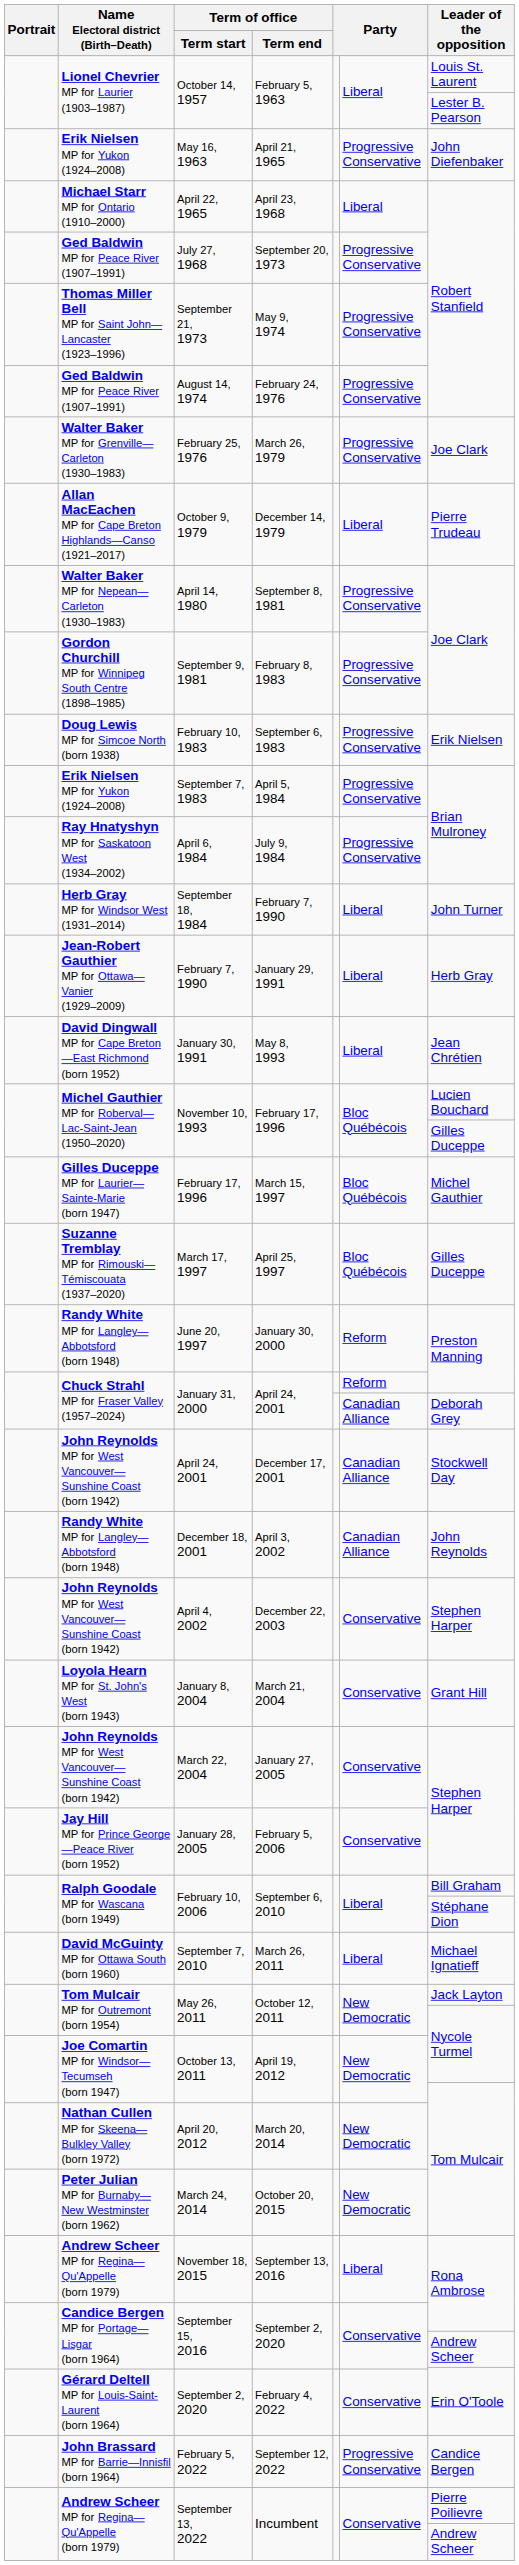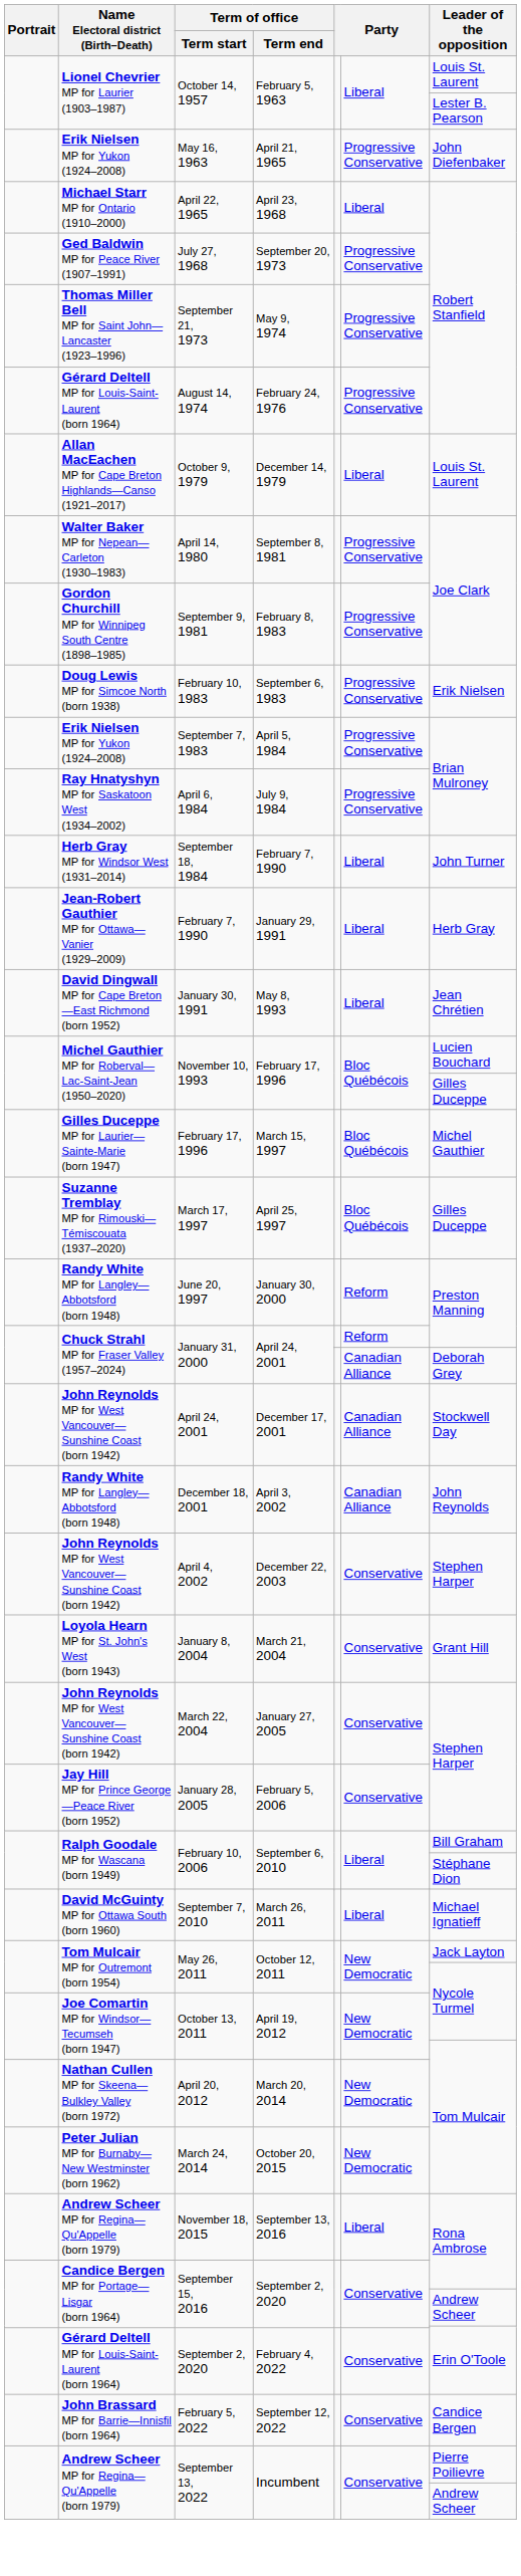 <table class="wikitable sortable sticky-header-multi" style=text-align:left" style="margin:1em auto;">
 <tr>
 <th rowspan="2" scope="col">Portrait</th>
 <th rowspan="2" scope="col" width="150px">Name<br><small>Electoral district<br>(Birth–Death)</small></th>
 <th colspan="2" scope="col">Term of office</th>
 <th colspan="2" rowspan="2">Party</th>
 <th rowspan="2" width="100px">Leader of the opposition</th>
 </tr>
 <tr>
 <th width="95px">Term start</th>
 <th width="95px">Term end</th>
 </tr>
 <tr>
 <td rowspan="2"></td>
 <td rowspan="2"><strong><a href='#'>Lionel Chevrier</a></strong><br><small>MP for</small> <small><a href='#'>Laurier</a></small><br><small>(1903–1987)</small></td>
 <td rowspan="2"><small>October 14,</small><br>1957</td>
 <td rowspan="2"><small>February 5,</small><br>1963</td>
 <td rowspan="2" style="width:1px; background:"></td>
 <td rowspan="2" style="width:100px; "><a href='#'>Liberal</a></td>
 <td><a href='#'>Louis St. Laurent</a></td>
 </tr>
 <tr>
 <td><a href='#'>Lester B. Pearson</a></td>
 </tr>
 <tr>
 <td></td>
 <td><strong><a href='#'>Erik Nielsen</a></strong><br><small>MP for</small> <small><a href='#'>Yukon</a></small><br><small>(1924–2008)</small></td>
 <td><small>May 16,</small><br>1963</td>
 <td><small>April 21,</small><br>1965</td>
 <td style="width:1px; background:"></td>
 <td><a href='#'>Progressive Conservative</a></td>
 <td><a href='#'>John Diefenbaker</a></td>
 </tr>
 <tr>
 <td></td>
 <td><a href='#'><strong>Michael Starr</strong></a><br><small>MP for</small> <small><a href='#'>Ontario</a></small><br><small>(1910–2000)</small></td>
 <td><small>April 22,</small><br>1965</td>
 <td><small>April 23,</small><br>1968</td>
 <td style="width:1px; background:"></td>
 <td><a href='#'>Liberal</a></td>
 <td rowspan="4"><a href='#'>Robert Stanfield</a></td>
 </tr>
 <tr>
 <td></td>
 <td><strong><a href='#'>Ged Baldwin</a></strong><br><small>MP for</small> <small><a href='#'>Peace River</a></small><br><small>(1907–1991)</small></td>
 <td><small>July 27,</small><br>1968</td>
 <td><small>September 20,</small><br>1973</td>
 <td style="width:1px; background:"></td>
 <td><a href='#'>Progressive Conservative</a></td>
 </tr>
 <tr>
 <td></td>
 <td><strong><a href='#'>Thomas Miller Bell</a></strong><br><small>MP for</small> <small><a href='#'>Saint John—Lancaster</a></small><br><small>(1923–1996)</small></td>
 <td><small>September 21,</small><br>1973</td>
 <td><small>May 9,</small><br>1974</td>
 <td style="width:1px; background:"></td>
 <td><a href='#'>Progressive Conservative</a></td>
 </tr>
 <tr>
 <td></td>
-<td><strong><a href='#'>Ged Baldwin</a></strong><br><small>MP for</small> <small><a href='#'>Peace River</a></small><br><small>(1907–1991)</small></td>
+<td><strong><a href='#'>Gérard Deltell</a></strong><br><small>MP for</small> <small><a href='#'>Louis-Saint-Laurent</a></small><br><small>(born 1964)</small></td>
 <td><small>August 14,</small><br>1974</td>
 <td><small>February 24,</small><br>1976</td>
 <td style="width:1px; background:"></td>
 <td><a href='#'>Progressive Conservative</a></td>
-</tr>
-<tr>
-<td></td>
-<td><a href='#'><strong>Walter Baker</strong></a><br><small>MP for</small> <small><a href='#'>Grenville—Carleton</a></small><br><small>(1930–1983)</small></td>
-<td><small>February 25,</small><br>1976</td>
-<td><small>March 26,</small><br>1979</td>
-<td style="width:1px; background:"></td>
-<td><a href='#'>Progressive Conservative</a></td>
-<td><a href='#'>Joe Clark</a></td>
 </tr>
 <tr>
 <td></td>
 <td><strong><a href='#'>Allan MacEachen</a></strong><br><small>MP for</small> <small><a href='#'>Cape Breton Highlands—Canso</a></small><br><small>(1921–2017)</small></td>
 <td><small>October 9,</small><br>1979</td>
 <td><small>December 14,</small><br>1979</td>
 <td style="width:1px; background:"></td>
 <td><a href='#'>Liberal</a></td>
-<td><a href='#'>Pierre Trudeau</a></td>
+<td><a href='#'>Louis St. Laurent</a></td>
 </tr>
 <tr>
 <td></td>
 <td><a href='#'><strong>Walter Baker</strong></a><br><small>MP for</small> <small><a href='#'>Nepean—Carleton</a></small><br><small>(1930–1983)</small></td>
 <td><small>April 14,</small><br>1980</td>
 <td><small>September 8,</small><br>1981</td>
 <td style="width:1px; background:"></td>
 <td><a href='#'>Progressive Conservative</a></td>
 <td rowspan="2"><a href='#'>Joe Clark</a></td>
 </tr>
 <tr>
 <td></td>
 <td><strong><a href='#'>Gordon Churchill</a></strong><br><small>MP for</small> <small><a href='#'>Winnipeg South Centre</a></small><br><small>(1898–1985)</small></td>
 <td><small>September 9,</small><br>1981</td>
 <td><small>February 8,</small><br>1983</td>
 <td style="width:1px; background:"></td>
 <td><a href='#'>Progressive Conservative</a></td>
 </tr>
 <tr>
 <td></td>
 <td><a href='#'><strong>Doug Lewis</strong></a><br><small>MP for</small> <small><a href='#'>Simcoe North</a></small><br><small>(born 1938)</small></td>
 <td><small>February 10,</small><br>1983</td>
 <td><small>September 6,</small><br>1983</td>
 <td style="width:1px; background:"></td>
 <td><a href='#'>Progressive Conservative</a></td>
 <td><a href='#'>Erik Nielsen</a></td>
 </tr>
 <tr>
 <td></td>
 <td><strong><a href='#'>Erik Nielsen</a></strong><br><small>MP for</small> <small><a href='#'>Yukon</a></small><br><small>(1924–2008)</small></td>
 <td><small>September 7,</small><br>1983</td>
 <td><small>April 5,</small><br>1984</td>
 <td style="width:1px; background:"></td>
 <td><a href='#'>Progressive Conservative</a></td>
 <td rowspan="2"><a href='#'>Brian Mulroney</a></td>
 </tr>
 <tr>
 <td></td>
 <td><strong><a href='#'>Ray Hnatyshyn</a></strong><br><small>MP for</small> <small><a href='#'>Saskatoon West</a></small><br><small>(1934–2002)</small></td>
 <td><small>April 6,</small><br>1984</td>
 <td><small>July 9,</small><br>1984</td>
 <td style="width:1px; background:"></td>
 <td><a href='#'>Progressive Conservative</a></td>
 </tr>
 <tr>
 <td></td>
 <td><strong><a href='#'>Herb Gray</a></strong><br><small>MP for</small> <small><a href='#'>Windsor West</a></small><br><small>(1931–2014)</small></td>
 <td><small>September 18,</small><br>1984</td>
 <td><small>February 7,</small><br>1990</td>
 <td style="width:1px; background:"></td>
 <td><a href='#'>Liberal</a></td>
 <td><a href='#'>John Turner</a></td>
 </tr>
 <tr>
 <td></td>
 <td><strong><a href='#'>Jean-Robert Gauthier</a></strong><br><small>MP for</small> <small><a href='#'>Ottawa—Vanier</a></small><br><small>(1929–2009)</small></td>
 <td><small>February 7,</small><br>1990</td>
 <td><small>January 29,</small><br>1991</td>
 <td style="width:1px; background:"></td>
 <td><a href='#'>Liberal</a></td>
 <td><a href='#'>Herb Gray</a></td>
 </tr>
 <tr>
 <td></td>
 <td><strong><a href='#'>David Dingwall</a></strong><br><small>MP for</small> <small><a href='#'>Cape Breton—East Richmond</a></small><br><small>(born 1952)</small></td>
 <td><small>January 30,</small><br>1991</td>
 <td><small>May 8,</small><br>1993</td>
 <td style="width:1px; background:"></td>
 <td><a href='#'>Liberal</a></td>
 <td><a href='#'>Jean Chrétien</a></td>
 </tr>
 <tr>
 <td rowspan="2"></td>
 <td rowspan="2"><strong><a href='#'>Michel Gauthier</a></strong><br><small>MP for</small> <small><a href='#'>Roberval—Lac-Saint-Jean</a></small><br><small>(1950–2020)</small></td>
 <td rowspan="2"><small>November 10,</small><br>1993</td>
 <td rowspan="2"><small>February 17,</small><br>1996</td>
 <td rowspan="2" style="width:1px; background:"></td>
 <td rowspan="2"><a href='#'>Bloc Québécois</a></td>
 <td><a href='#'>Lucien Bouchard</a></td>
 </tr>
 <tr>
 <td><a href='#'>Gilles Duceppe</a></td>
 </tr>
 <tr>
 <td></td>
 <td><strong><a href='#'>Gilles Duceppe</a></strong><br><small>MP for</small> <small><a href='#'>Laurier—Sainte-Marie</a></small><br><small>(born 1947)</small></td>
 <td><small>February 17,</small><br>1996</td>
 <td><small>March 15,</small><br>1997</td>
 <td style="width:1px; background:"></td>
 <td><a href='#'>Bloc Québécois</a></td>
 <td><a href='#'>Michel Gauthier</a></td>
 </tr>
 <tr>
 <td></td>
 <td><strong><a href='#'>Suzanne Tremblay</a></strong><br><small>MP for</small> <small><a href='#'>Rimouski—Témiscouata</a></small><br><small>(1937–2020)</small></td>
 <td><small>March 17,</small><br>1997</td>
 <td><small>April 25,</small><br>1997</td>
 <td style="width:1px; background:"></td>
 <td><a href='#'>Bloc Québécois</a></td>
 <td><a href='#'>Gilles Duceppe</a></td>
 </tr>
 <tr>
 <td></td>
 <td><a href='#'><strong>Randy White</strong></a><br><small>MP for</small> <small><a href='#'>Langley—Abbotsford</a></small><br><small>(born 1948)</small></td>
 <td><small>June 20,</small><br>1997</td>
 <td><small>January 30,</small><br>2000</td>
 <td style="width:1px; background:"></td>
 <td><a href='#'>Reform</a></td>
 <td rowspan="3"><a href='#'>Preston Manning</a></td>
 </tr>
 <tr>
 <td rowspan="3"></td>
 <td rowspan="3"><strong><a href='#'>Chuck Strahl</a></strong><br><small>MP for</small> <small><a href='#'>Fraser Valley</a></small><br><small>(1957–2024)</small></td>
 <td rowspan="3"><small>January 31,</small><br>2000</td>
 <td rowspan="3"><small>April 24,</small><br>2001</td>
 <td style="width:1px; background:"></td>
 <td><a href='#'>Reform</a></td>
 </tr>
 <tr>
 <td rowspan="2" style="width:1px; background:"></td>
 <td rowspan="2"><a href='#'>Canadian Alliance</a></td>
 </tr>
 <tr>
 <td><a href='#'>Deborah Grey</a></td>
 </tr>
 <tr>
 <td></td>
 <td><a href='#'><strong>John Reynolds</strong></a><br><small>MP for</small> <small><a href='#'>West Vancouver—Sunshine Coast</a></small><br><small>(born 1942)</small></td>
 <td><small>April 24,</small><br>2001</td>
 <td><small>December 17,</small><br>2001</td>
 <td style="width:1px; background:"></td>
 <td><a href='#'>Canadian Alliance</a></td>
 <td><a href='#'>Stockwell Day</a></td>
 </tr>
 <tr>
 <td></td>
 <td><a href='#'><strong>Randy White</strong></a><br><small>MP for</small> <small><a href='#'>Langley—Abbotsford</a></small><br><small>(born 1948)</small></td>
 <td><small>December 18,</small><br>2001</td>
 <td><small>April 3,</small><br>2002</td>
 <td style="width:1px; background:"></td>
 <td><a href='#'>Canadian Alliance</a></td>
 <td><a href='#'>John Reynolds</a></td>
 </tr>
 <tr>
 <td></td>
 <td><a href='#'><strong>John Reynolds</strong></a><br><small>MP for</small> <small><a href='#'>West Vancouver—Sunshine Coast</a></small><br><small>(born 1942)</small></td>
 <td><small>April 4,</small><br>2002</td>
 <td><small>December 22,</small><br>2003</td>
 <td style="width:1px; background:"></td>
 <td><a href='#'>Conservative</a></td>
 <td><a href='#'>Stephen Harper</a></td>
 </tr>
 <tr>
 <td></td>
 <td><strong><a href='#'>Loyola Hearn</a></strong><br><small>MP for</small> <small><a href='#'>St. John's West</a></small><br><small>(born 1943)</small></td>
 <td><small>January 8,</small><br>2004</td>
 <td><small>March 21,</small><br>2004</td>
 <td style="width:1px; background:"></td>
 <td><a href='#'>Conservative</a></td>
 <td><a href='#'>Grant Hill</a></td>
 </tr>
 <tr>
 <td></td>
 <td><a href='#'><strong>John Reynolds</strong></a><br><small>MP for</small> <small><a href='#'>West Vancouver—Sunshine Coast</a></small><br><small>(born 1942)</small></td>
 <td><small>March 22,</small><br>2004</td>
 <td><small>January 27,</small><br>2005</td>
 <td style="width:1px; background:"></td>
 <td><a href='#'>Conservative</a></td>
 <td rowspan="2"><a href='#'>Stephen Harper</a></td>
 </tr>
 <tr>
 <td></td>
 <td><a href='#'><strong>Jay Hill</strong></a><br><small>MP for</small> <small><a href='#'>Prince George—Peace River</a></small><br><small>(born 1952)</small></td>
 <td><small>January 28,</small><br>2005</td>
 <td><small>February 5,</small><br>2006</td>
 <td style="width:1px; background:"></td>
 <td><a href='#'>Conservative</a></td>
 </tr>
 <tr>
 <td rowspan="3"></td>
 <td rowspan="3"><strong><a href='#'>Ralph Goodale</a></strong><br><small>MP for</small> <small><a href='#'>Wascana</a></small><br><small>(born 1949)</small></td>
 <td rowspan="3"><small>February 10,</small><br>2006</td>
 <td rowspan="3"><small>September 6,</small><br>2010</td>
 <td rowspan="3" style="width:1px; background:"></td>
 <td rowspan="3"><a href='#'>Liberal</a></td>
 <td><a href='#'>Bill Graham</a></td>
 </tr>
 <tr>
 <td><a href='#'>Stéphane Dion</a></td>
 </tr>
 <tr>
 <td rowspan="2"><a href='#'>Michael Ignatieff</a></td>
 </tr>
 <tr>
 <td></td>
 <td><strong><a href='#'>David McGuinty</a></strong><br><small>MP for</small> <small><a href='#'>Ottawa South</a></small><br><small>(born 1960)</small></td>
 <td><small>September 7,</small><br>2010</td>
 <td><small>March 26,</small><br>2011</td>
 <td style="width:1px; background:"></td>
 <td><a href='#'>Liberal</a></td>
 </tr>
 <tr>
 <td rowspan="2"></td>
 <td rowspan="2"><strong><a href='#'>Tom Mulcair</a></strong><br><small>MP for</small> <small><a href='#'>Outremont</a></small><br><small>(born 1954)</small></td>
 <td rowspan="2"><small>May 26,</small><br>2011</td>
 <td rowspan="2"><small>October 12,</small><br>2011</td>
 <td rowspan="2" style="width:1px; background:"></td>
 <td rowspan="2"><a href='#'>New Democratic</a></td>
 <td><a href='#'>Jack Layton</a></td>
 </tr>
 <tr>
 <td rowspan="2"><a href='#'>Nycole Turmel</a></td>
 </tr>
 <tr style="height:56px">
 <td rowspan="2"></td>
 <td rowspan="2"><strong><a href='#'>Joe Comartin</a></strong><br><small>MP for</small> <small><a href='#'>Windsor—Tecumseh</a></small><br><small>(born 1947)</small></td>
 <td rowspan="2"><small>October 13,</small><br>2011</td>
 <td rowspan="2"><small>April 19,</small><br>2012</td>
 <td rowspan="2" style="width:1px; background:"></td>
 <td rowspan="2"><a href='#'>New Democratic</a></td>
 </tr>
 <tr>
 <td rowspan="3"><a href='#'>Tom Mulcair</a></td>
 </tr>
 <tr>
 <td></td>
 <td><strong><a href='#'>Nathan Cullen</a></strong><br><small>MP for</small> <small><a href='#'>Skeena—Bulkley Valley</a></small><br><small>(born 1972)</small></td>
 <td><small>April 20,</small><br>2012</td>
 <td><small>March 20,</small><br>2014</td>
 <td style="width:1px; background:"></td>
 <td><a href='#'>New Democratic</a></td>
 </tr>
 <tr>
 <td></td>
 <td><strong><a href='#'>Peter Julian</a></strong><br><small>MP for</small> <small><a href='#'>Burnaby—New Westminster</a></small><br><small>(born 1962)</small></td>
 <td><small>March 24,</small><br>2014</td>
 <td><small>October 20,</small><br>2015</td>
 <td style="width:1px; background:"></td>
 <td><a href='#'>New Democratic</a></td>
 </tr>
 <tr>
 <td></td>
 <td><strong><a href='#'>Andrew Scheer</a></strong><br><small>MP for</small> <small><a href='#'>Regina—Qu'Appelle</a></small><br><small>(born 1979)</small></td>
 <td><small>November 18,</small><br>2015</td>
 <td><small>September 13,</small><br>2016</td>
 <td style="width:1px; background:"></td>
 <td><a href='#'>Liberal</a></td>
 <td rowspan="2"><a href='#'>Rona Ambrose</a></td>
 </tr>
 <tr style="height:34px">
 <td rowspan="3"></td>
 <td rowspan="3"><a href='#'><strong>Candice Bergen</strong></a><br><small>MP for</small> <small><a href='#'>Portage—Lisgar</a></small><br><small>(born 1964)</small></td>
 <td rowspan="3"><small>September 15,</small><br>2016</td>
 <td rowspan="3"><small>September 2,</small><br>2020</td>
 <td rowspan="3" style="width:1px; background:"></td>
 <td rowspan="3"><a href='#'>Conservative</a></td>
 </tr>
 <tr>
 <td><a href='#'>Andrew Scheer</a></td>
 </tr>
 <tr>
 <td rowspan="2"><a href='#'>Erin O'Toole</a></td>
 </tr>
 <tr>
 <td></td>
 <td><strong><a href='#'>Gérard Deltell</a></strong><br><small>MP for</small> <small><a href='#'>Louis-Saint-Laurent</a></small><br><small>(born 1964)</small></td>
 <td><small>September 2,</small><br>2020</td>
 <td><small>February 4,</small><br>2022</td>
 <td style="width:1px; background:"></td>
 <td><a href='#'>Conservative</a></td>
 </tr>
 <tr>
 <td></td>
 <td><strong><a href='#'>John Brassard</a></strong><br><small>MP for</small> <small><a href='#'>Barrie—Innisfil</a></small><br><small>(born 1964)</small></td>
 <td><small>February 5,</small><br>2022</td>
 <td><small>September 12,</small><br>2022</td>
 <td style="width:1px; background:"></td>
-<td><a href='#'>Progressive Conservative</a></td>
+<td><a href='#'>Conservative</a></td>
 <td><a href='#'>Candice Bergen</a></td>
 </tr>
 <tr>
 <td rowspan="2"></td>
 <td rowspan="2"><strong><a href='#'>Andrew Scheer</a></strong><br><small>MP for</small> <small><a href='#'>Regina—Qu'Appelle</a></small><br><small>(born 1979)</small></td>
 <td rowspan="2"><small>September 13,</small><br>2022</td>
 <td rowspan="2">Incumbent</td>
 <td rowspan="2" style="width:1px; background:"></td>
 <td rowspan="2"><a href='#'>Conservative</a></td>
 <td><a href='#'>Pierre Poilievre</a></td>
 </tr>
 <tr>
 <td><a href='#'>Andrew Scheer</a></td>
 </tr>
 </table>
